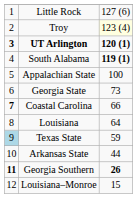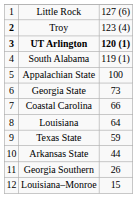 <table class="wikitable">
 <tr align="center">
 </tr>
 <tr align="center">
 <td>1</td>
 <td>Little Rock</td>
 <td>127 (6)</td>
 </tr>
 <tr align="center">
-<td>2</td>
+<td><strong>2</strong></td>
 <td>Troy</td>
-<td style="background: lightyellow;">123 (4)</td>
+<td>123 (4)</td>
 </tr>
 <tr align="center">
 <td><strong>3</strong></td>
 <td><strong>UT Arlington</strong></td>
 <td><strong>120 (1)</strong></td>
 </tr>
 <tr align="center">
 <td>4</td>
 <td>South Alabama</td>
-<td><strong>119 (1)</strong></td>
+<td>119 (1)</td>
 </tr>
 <tr align="center">
 <td>5</td>
 <td>Appalachian State</td>
 <td>100</td>
 </tr>
 <tr align="center">
 <td>6</td>
 <td>Georgia State</td>
 <td>73</td>
 </tr>
 <tr align="center">
-<td><strong>7</strong></td>
+<td>7</td>
 <td>Coastal Carolina</td>
 <td>66</td>
 </tr>
 <tr align="center">
 <td>8</td>
 <td>Louisiana</td>
 <td>64</td>
 </tr>
 <tr align="center">
-<td style="background: lightblue;">9</td>
+<td>9</td>
 <td>Texas State</td>
 <td>59</td>
 </tr>
 <tr align="center">
 <td>10</td>
 <td>Arkansas State</td>
 <td>44</td>
 </tr>
 <tr align="center">
-<td><strong>11</strong></td>
+<td>11</td>
 <td>Georgia Southern</td>
-<td><strong>26</strong></td>
+<td>26</td>
 </tr>
 <tr align="center">
 <td>12</td>
 <td>Louisiana–Monroe</td>
 <td>15</td>
 </tr>
 </table>
